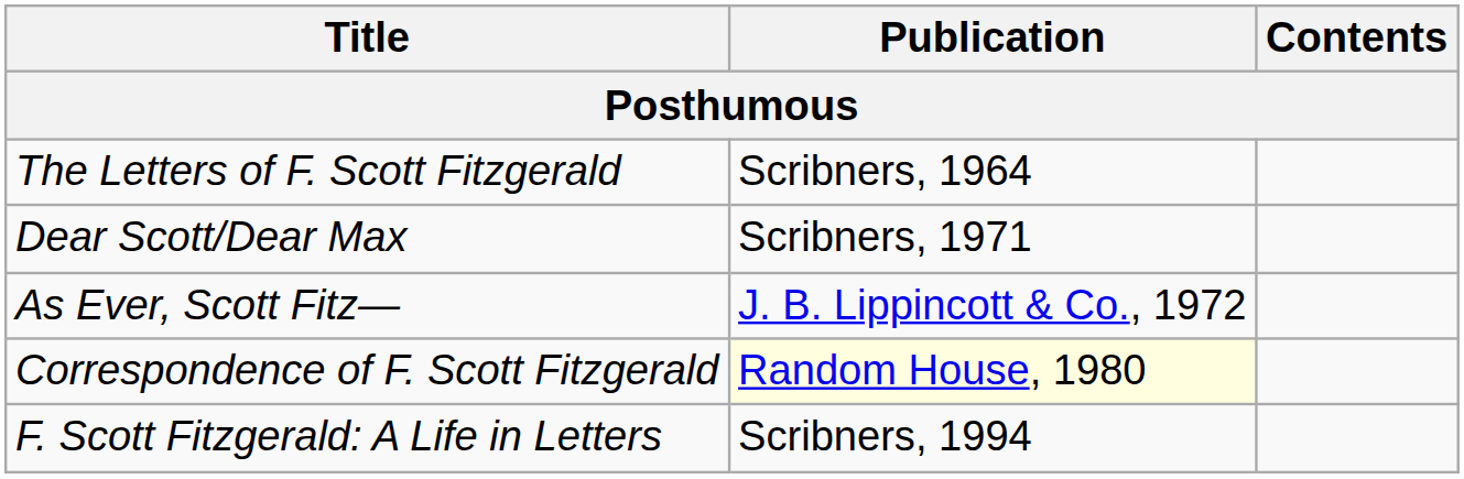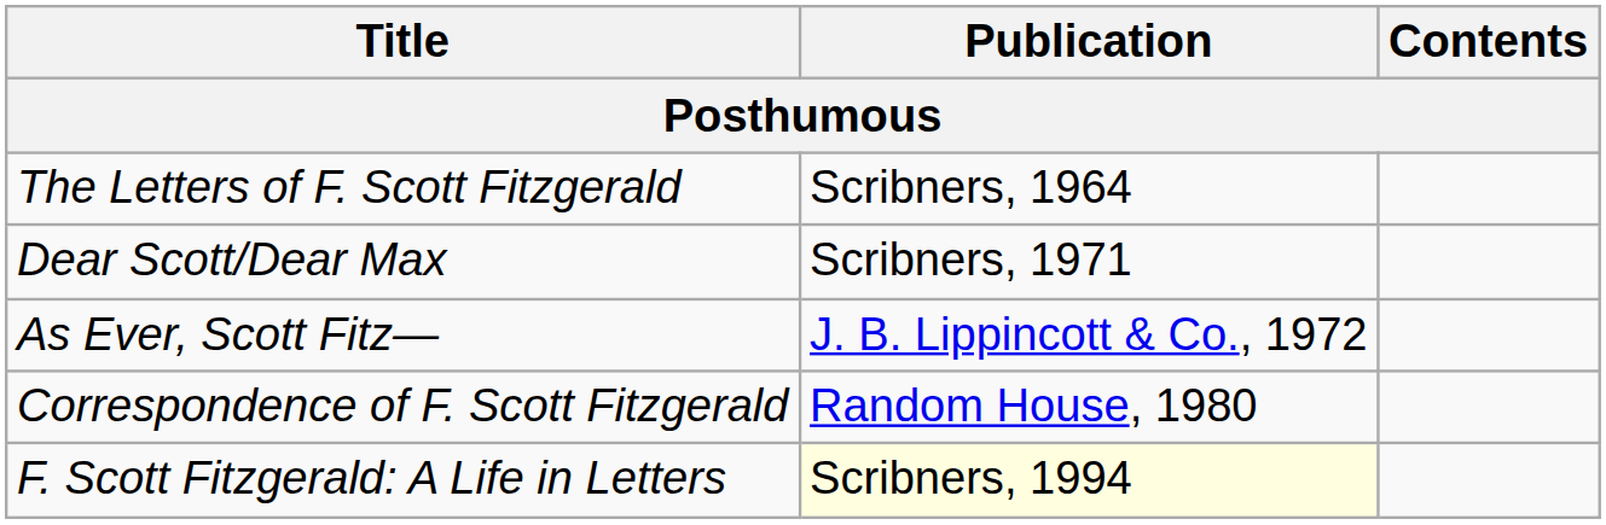 <table class="wikitable">
 <tr>
 <th>Title</th>
 <th>Publication</th>
 <th>Contents</th>
 </tr>
 <tr>
 <th colspan="4">Posthumous</th>
 </tr>
 <tr>
 <td><em>The Letters of F. Scott Fitzgerald</em></td>
 <td>Scribners, 1964</td>
 <td></td>
 </tr>
 <tr>
 <td><em>Dear Scott/Dear Max</em></td>
 <td>Scribners, 1971</td>
 <td></td>
 </tr>
 <tr>
 <td><em>As Ever, Scott Fitz—</em></td>
 <td><a href='#'>J. B. Lippincott & Co.</a>, 1972</td>
 <td></td>
 </tr>
 <tr>
 <td><em>Correspondence of F. Scott Fitzgerald </em></td>
-<td style="background: lightyellow;"><a href='#'>Random House</a>, 1980</td>
+<td><a href='#'>Random House</a>, 1980</td>
 <td></td>
 </tr>
 <tr>
 <td><em>F. Scott Fitzgerald: A Life in Letters</em></td>
-<td>Scribners, 1994</td>
+<td style="background: lightyellow;">Scribners, 1994</td>
 <td></td>
 </tr>
 </table>
